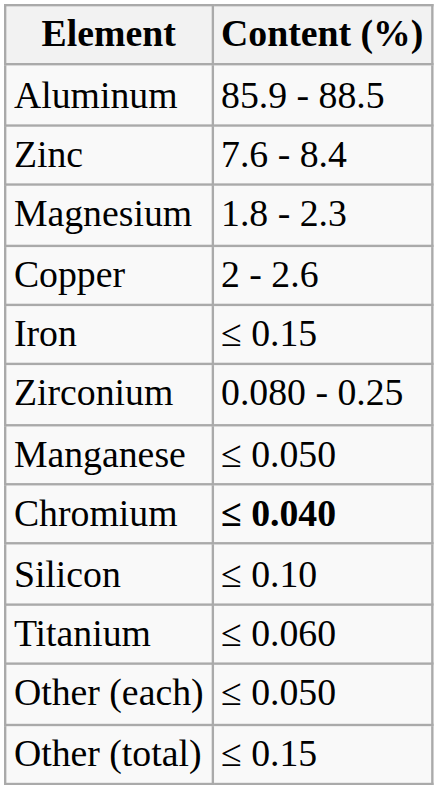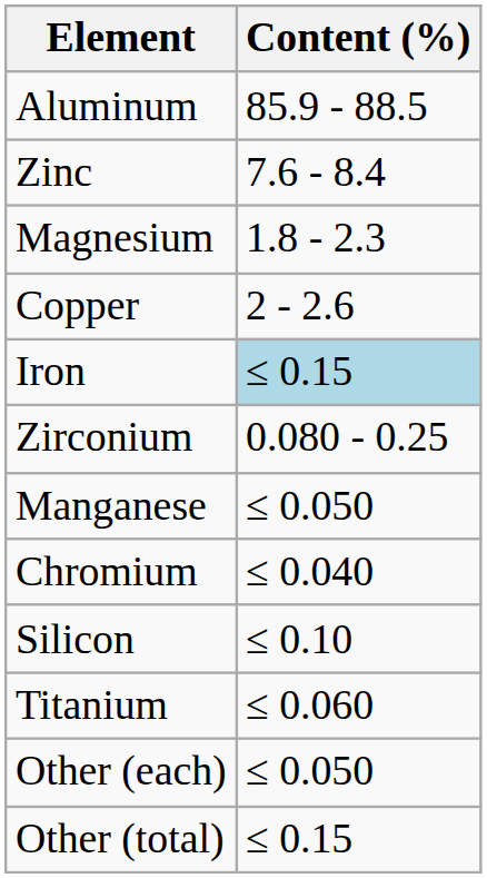 <table class="wikitable">
 <tr>
 <th>Element</th>
 <th>Content (%)</th>
 </tr>
 <tr>
 <td>Aluminum</td>
 <td>85.9 - 88.5</td>
 </tr>
 <tr>
 <td>Zinc</td>
 <td>7.6 - 8.4</td>
 </tr>
 <tr>
 <td>Magnesium</td>
 <td>1.8 - 2.3</td>
 </tr>
 <tr>
 <td>Copper</td>
 <td>2 - 2.6</td>
 </tr>
 <tr>
 <td>Iron</td>
-<td>≤ 0.15</td>
+<td style="background: lightblue;">≤ 0.15</td>
 </tr>
 <tr>
 <td>Zirconium</td>
 <td>0.080 - 0.25</td>
 </tr>
 <tr>
 <td>Manganese</td>
 <td>≤ 0.050</td>
 </tr>
 <tr>
 <td>Chromium</td>
-<td><strong>≤ 0.040</strong></td>
+<td>≤ 0.040</td>
 </tr>
 <tr>
 <td>Silicon</td>
 <td>≤ 0.10</td>
 </tr>
 <tr>
 <td>Titanium</td>
 <td>≤ 0.060</td>
 </tr>
 <tr>
 <td>Other (each)</td>
 <td>≤ 0.050</td>
 </tr>
 <tr>
 <td>Other (total)</td>
 <td>≤ 0.15</td>
 </tr>
 </table>
